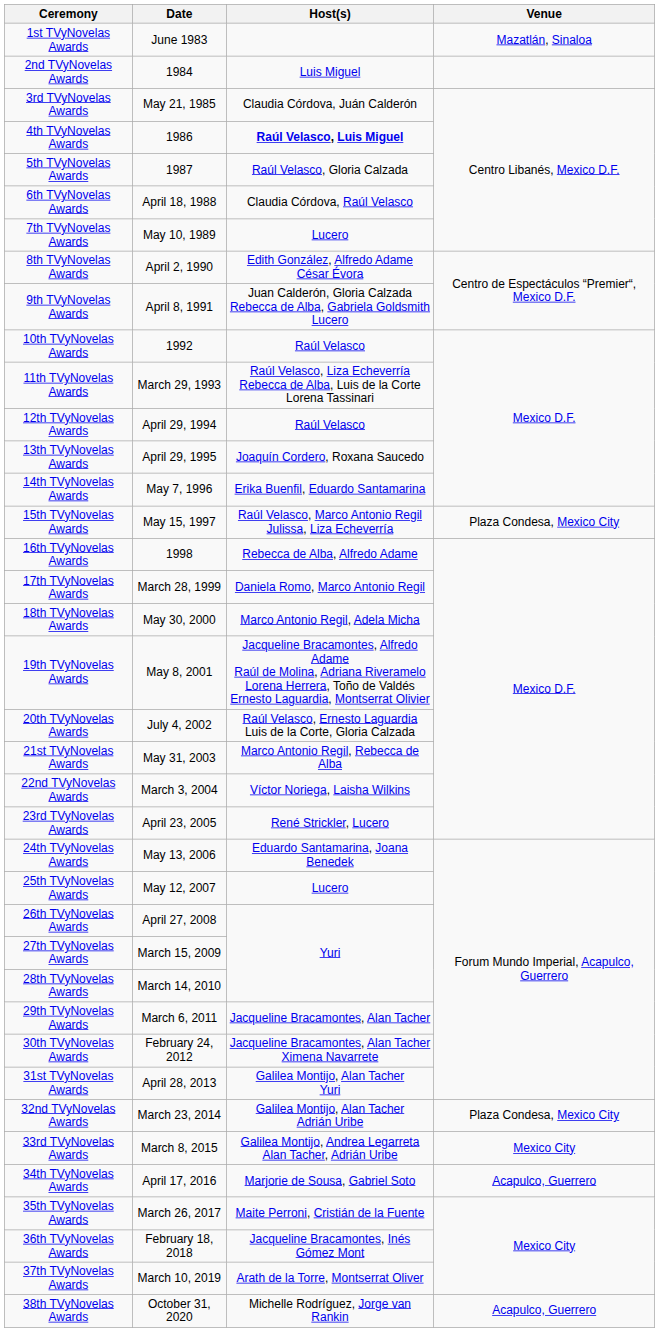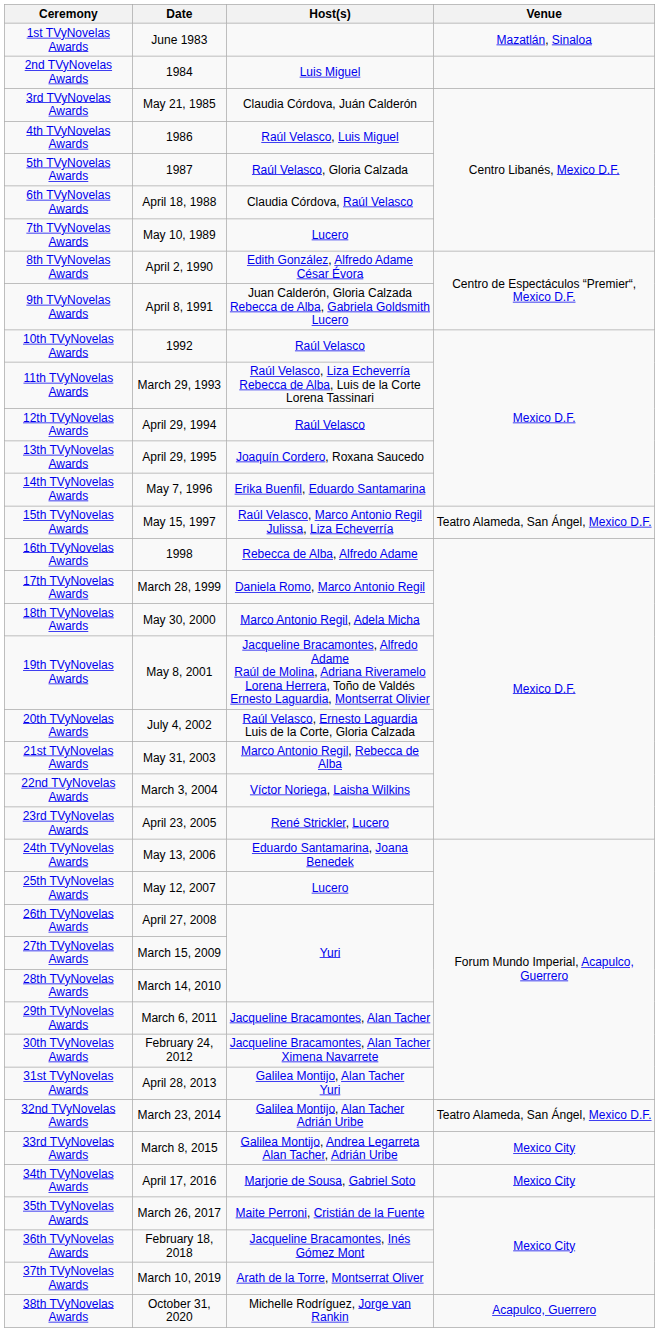 <table class="sortable wikitable" style="text-align: center">
 <tr>
 <th style="width:50">Ceremony</th>
 <th style="width:50">Date</th>
 <th style="width:50">Host(s)</th>
 <th style="width:50">Venue</th>
 </tr>
 <tr>
 <td><a href='#'>1st TVyNovelas Awards</a></td>
 <td>June 1983</td>
 <td></td>
 <td><a href='#'>Mazatlán</a>, <a href='#'>Sinaloa</a></td>
 </tr>
 <tr>
 <td><a href='#'>2nd TVyNovelas Awards</a></td>
 <td>1984</td>
 <td><a href='#'>Luis Miguel</a></td>
 </tr>
 <tr>
 <td><a href='#'>3rd TVyNovelas Awards</a></td>
 <td>May 21, 1985</td>
 <td>Claudia Córdova, Juán Calderón</td>
 <td rowspan=5>Centro Libanés, <a href='#'>Mexico D.F.</a></td>
 </tr>
 <tr>
 <td><a href='#'>4th TVyNovelas Awards</a></td>
 <td>1986</td>
-<td><strong><a href='#'>Raúl Velasco</a>, <a href='#'>Luis Miguel</a></strong></td>
+<td><a href='#'>Raúl Velasco</a>, <a href='#'>Luis Miguel</a></td>
 </tr>
 <tr>
 <td><a href='#'>5th TVyNovelas Awards</a></td>
 <td>1987</td>
 <td><a href='#'>Raúl Velasco</a>, Gloria Calzada</td>
 </tr>
 <tr>
 <td><a href='#'>6th TVyNovelas Awards</a></td>
 <td>April 18, 1988</td>
 <td>Claudia Córdova, <a href='#'>Raúl Velasco</a></td>
 </tr>
 <tr>
 <td><a href='#'>7th TVyNovelas Awards</a></td>
 <td>May 10, 1989</td>
 <td><a href='#'>Lucero</a></td>
 </tr>
 <tr>
 <td><a href='#'>8th TVyNovelas Awards</a></td>
 <td>April 2, 1990</td>
 <td><a href='#'>Edith González</a>, <a href='#'>Alfredo Adame</a> <br> <a href='#'>César Évora</a></td>
 <td rowspan=2>Centro de Espectáculos “Premier“, <a href='#'>Mexico D.F.</a></td>
 </tr>
 <tr>
 <td><a href='#'>9th TVyNovelas Awards</a></td>
 <td>April 8, 1991</td>
 <td>Juan Calderón, Gloria Calzada<br><a href='#'>Rebecca de Alba</a>, <a href='#'>Gabriela Goldsmith</a> <br> <a href='#'>Lucero</a></td>
 </tr>
 <tr>
 <td><a href='#'>10th TVyNovelas Awards</a></td>
 <td>1992</td>
 <td><a href='#'>Raúl Velasco</a></td>
 <td rowspan=5><a href='#'>Mexico D.F.</a></td>
 </tr>
 <tr>
 <td><a href='#'>11th TVyNovelas Awards</a></td>
 <td>March 29, 1993</td>
 <td><a href='#'>Raúl Velasco</a>, <a href='#'>Liza Echeverría</a> <br> <a href='#'>Rebecca de Alba</a>, Luis de la Corte <br> Lorena Tassinari</td>
 </tr>
 <tr>
 <td><a href='#'>12th TVyNovelas Awards</a></td>
 <td>April 29, 1994</td>
 <td><a href='#'>Raúl Velasco</a></td>
 </tr>
 <tr>
 <td><a href='#'>13th TVyNovelas Awards</a></td>
 <td>April 29, 1995</td>
 <td><a href='#'>Joaquín Cordero</a>, Roxana Saucedo</td>
 </tr>
 <tr>
 <td><a href='#'>14th TVyNovelas Awards</a></td>
 <td>May 7, 1996</td>
 <td><a href='#'>Erika Buenfil</a>, <a href='#'>Eduardo Santamarina</a></td>
 </tr>
 <tr>
 <td><a href='#'>15th TVyNovelas Awards</a></td>
 <td>May 15, 1997</td>
 <td><a href='#'>Raúl Velasco</a>, <a href='#'>Marco Antonio Regil</a> <br> <a href='#'>Julissa</a>, <a href='#'>Liza Echeverría</a></td>
-<td>Plaza Condesa, <a href='#'>Mexico City</a></td>
+<td>Teatro Alameda, San Ángel, <a href='#'>Mexico D.F.</a></td>
 </tr>
 <tr>
 <td><a href='#'>16th TVyNovelas Awards</a></td>
 <td>1998</td>
 <td><a href='#'>Rebecca de Alba</a>, <a href='#'>Alfredo Adame</a></td>
 <td rowspan=8><a href='#'>Mexico D.F.</a></td>
 </tr>
 <tr>
 <td><a href='#'>17th TVyNovelas Awards</a></td>
 <td>March 28, 1999</td>
 <td><a href='#'>Daniela Romo</a>, <a href='#'>Marco Antonio Regil</a></td>
 </tr>
 <tr>
 <td><a href='#'>18th TVyNovelas Awards</a></td>
 <td>May 30, 2000</td>
 <td><a href='#'>Marco Antonio Regil</a>, <a href='#'>Adela Micha</a></td>
 </tr>
 <tr>
 <td><a href='#'>19th TVyNovelas Awards</a></td>
 <td>May 8, 2001</td>
 <td><a href='#'>Jacqueline Bracamontes</a>, <a href='#'>Alfredo Adame</a> <br> <a href='#'>Raúl de Molina</a>, <a href='#'>Adriana Riveramelo</a> <br> <a href='#'>Lorena Herrera</a>, Toño de Valdés <br> <a href='#'>Ernesto Laguardia</a>, <a href='#'>Montserrat Olivier</a></td>
 </tr>
 <tr>
 <td><a href='#'>20th TVyNovelas Awards</a></td>
 <td>July 4, 2002</td>
 <td><a href='#'>Raúl Velasco</a>, <a href='#'>Ernesto Laguardia</a> <br> Luis de la Corte, Gloria Calzada</td>
 </tr>
 <tr>
 <td><a href='#'>21st TVyNovelas Awards</a></td>
 <td>May 31, 2003</td>
 <td><a href='#'>Marco Antonio Regil</a>, <a href='#'>Rebecca de Alba</a></td>
 </tr>
 <tr>
 <td><a href='#'>22nd TVyNovelas Awards</a></td>
 <td>March 3, 2004</td>
 <td><a href='#'>Víctor Noriega</a>, <a href='#'>Laisha Wilkins</a></td>
 </tr>
 <tr>
 <td><a href='#'>23rd TVyNovelas Awards</a></td>
 <td>April 23, 2005</td>
 <td><a href='#'>René Strickler</a>, <a href='#'>Lucero</a></td>
 </tr>
 <tr>
 <td><a href='#'>24th TVyNovelas Awards</a></td>
 <td>May 13, 2006</td>
 <td><a href='#'>Eduardo Santamarina</a>, <a href='#'>Joana Benedek</a></td>
 <td rowspan=8>Forum Mundo Imperial, <a href='#'>Acapulco, Guerrero</a></td>
 </tr>
 <tr>
 <td><a href='#'>25th TVyNovelas Awards</a></td>
 <td>May 12, 2007</td>
 <td><a href='#'>Lucero</a></td>
 </tr>
 <tr>
 <td><a href='#'>26th TVyNovelas Awards</a></td>
 <td>April 27, 2008</td>
 <td rowspan=3><a href='#'>Yuri</a></td>
 </tr>
 <tr>
 <td><a href='#'>27th TVyNovelas Awards</a></td>
 <td>March 15, 2009</td>
 </tr>
 <tr>
 <td><a href='#'>28th TVyNovelas Awards</a></td>
 <td>March 14, 2010</td>
 </tr>
 <tr>
 <td><a href='#'>29th TVyNovelas Awards</a></td>
 <td>March 6, 2011</td>
 <td><a href='#'>Jacqueline Bracamontes</a>, <a href='#'>Alan Tacher</a></td>
 </tr>
 <tr>
 <td><a href='#'>30th TVyNovelas Awards</a></td>
 <td>February 24, 2012</td>
 <td><a href='#'>Jacqueline Bracamontes</a>, <a href='#'>Alan Tacher</a> <br> <a href='#'>Ximena Navarrete</a></td>
 </tr>
 <tr>
 <td><a href='#'>31st TVyNovelas Awards</a></td>
 <td>April 28, 2013</td>
 <td><a href='#'>Galilea Montijo</a>, <a href='#'>Alan Tacher</a> <br> <a href='#'>Yuri</a></td>
 </tr>
 <tr>
 <td><a href='#'>32nd TVyNovelas Awards</a></td>
 <td>March 23, 2014</td>
 <td><a href='#'>Galilea Montijo</a>, <a href='#'>Alan Tacher</a> <br> <a href='#'>Adrián Uribe</a></td>
-<td>Plaza Condesa, <a href='#'>Mexico City</a></td>
+<td>Teatro Alameda, San Ángel, <a href='#'>Mexico D.F.</a></td>
 </tr>
 <tr>
 <td><a href='#'>33rd TVyNovelas Awards</a></td>
 <td>March 8, 2015</td>
 <td><a href='#'>Galilea Montijo</a>, <a href='#'>Andrea Legarreta</a> <br> <a href='#'>Alan Tacher</a>, <a href='#'>Adrián Uribe</a></td>
 <td><a href='#'>Mexico City</a></td>
 </tr>
 <tr>
 <td><a href='#'>34th TVyNovelas Awards</a></td>
 <td>April 17, 2016</td>
 <td><a href='#'>Marjorie de Sousa</a>, <a href='#'>Gabriel Soto</a></td>
-<td><a href='#'>Acapulco, Guerrero</a></td>
+<td><a href='#'>Mexico City</a></td>
 </tr>
 <tr>
 <td><a href='#'>35th TVyNovelas Awards</a></td>
 <td>March 26, 2017</td>
 <td><a href='#'>Maite Perroni</a>, <a href='#'>Cristián de la Fuente</a></td>
 <td rowspan=3><a href='#'>Mexico City</a></td>
 </tr>
 <tr>
 <td><a href='#'>36th TVyNovelas Awards</a></td>
 <td>February 18, 2018</td>
 <td><a href='#'>Jacqueline Bracamontes</a>, <a href='#'>Inés Gómez Mont</a></td>
 </tr>
 <tr>
 <td><a href='#'>37th TVyNovelas Awards</a></td>
 <td>March 10, 2019</td>
 <td><a href='#'>Arath de la Torre</a>, <a href='#'>Montserrat Oliver</a></td>
 </tr>
 <tr>
 <td><a href='#'>38th TVyNovelas Awards</a></td>
 <td>October 31, 2020</td>
 <td>Michelle Rodríguez, <a href='#'>Jorge van Rankin</a></td>
 <td><a href='#'>Acapulco, Guerrero</a></td>
 </tr>
 </table>
